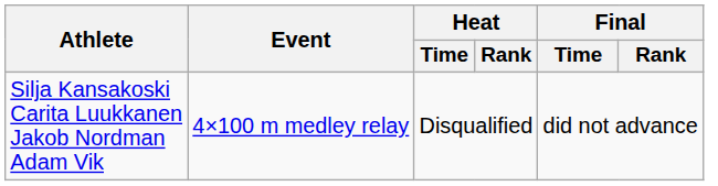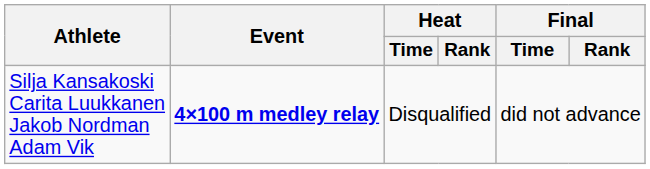 <table class=wikitable style="font-size:90%">
 <tr>
 <th rowspan=2>Athlete</th>
 <th rowspan=2>Event</th>
 <th colspan="2">Heat</th>
 <th colspan="2">Final</th>
 </tr>
 <tr style="font-size:95%">
 <th>Time</th>
 <th>Rank</th>
 <th>Time</th>
 <th>Rank</th>
 </tr>
 <tr align=center>
 <td align=left><a href='#'>Silja Kansakoski</a><br><a href='#'>Carita Luukkanen</a><br><a href='#'>Jakob Nordman</a><br><a href='#'>Adam Vik</a></td>
-<td align=left><a href='#'>4×100 m medley relay</a></td>
+<td align=left><strong><a href='#'>4×100 m medley relay</a></strong></td>
 <td colspan=2>Disqualified</td>
 <td colspan=2>did not advance</td>
 </tr>
 </table>
